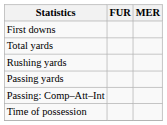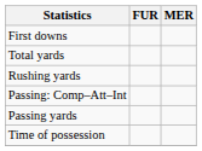 <table class="wikitable" style="float: left;">
 <tr>
 <th>Statistics</th>
 <th>FUR</th>
 <th>MER</th>
 </tr>
 <tr>
 <td>First downs</td>
 <td></td>
 <td></td>
 </tr>
 <tr>
 <td>Total yards</td>
 <td></td>
 <td></td>
 </tr>
 <tr>
 <td>Rushing yards</td>
 <td></td>
 <td></td>
 </tr>
 <tr>
-<td>Passing yards</td>
+<td>Passing: Comp–Att–Int</td>
 <td></td>
 <td></td>
 </tr>
 <tr>
-<td>Passing: Comp–Att–Int</td>
+<td>Passing yards</td>
 <td></td>
 <td></td>
 </tr>
 <tr>
 <td>Time of possession</td>
 <td></td>
 <td></td>
 </tr>
 <tr>
 </tr>
 </table>
